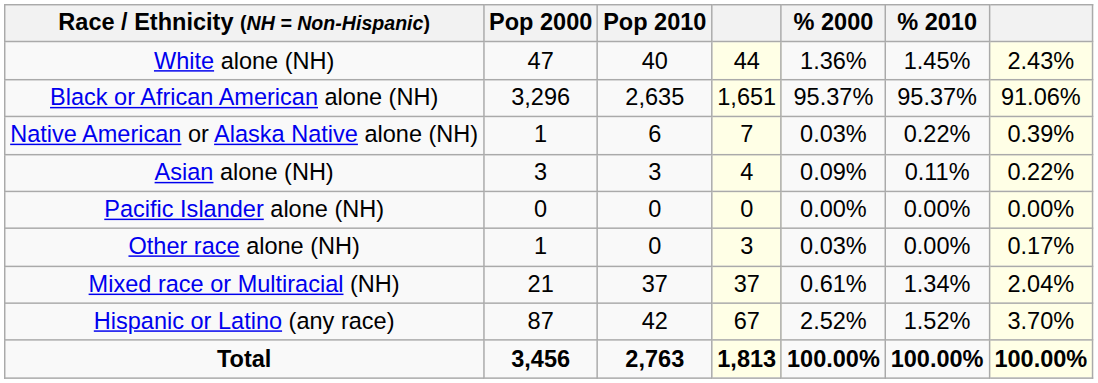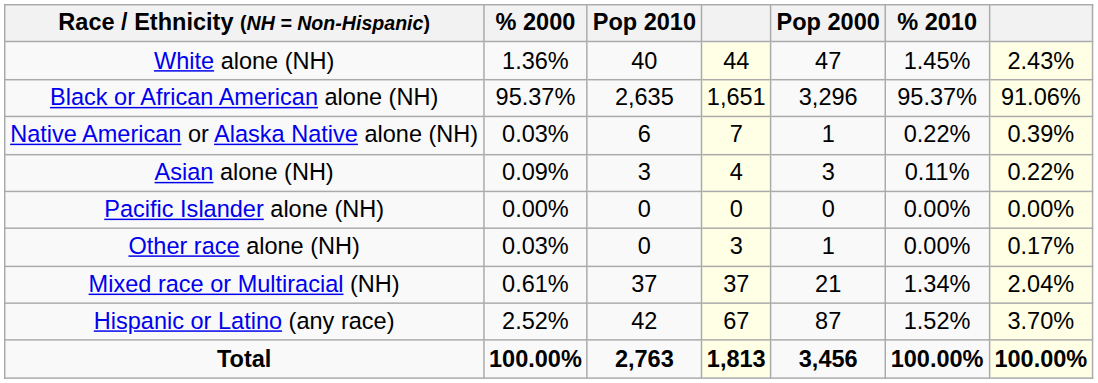 <table class="wikitable" style="text-align:center;">
 <tr>
 <th>Race / Ethnicity <small>(<em>NH = Non-Hispanic</em>)</small></th>
-<th>Pop 2000</th>
+<th>% 2000</th>
 <th>Pop 2010</th>
 <th></th>
-<th>% 2000</th>
+<th>Pop 2000</th>
 <th>% 2010</th>
 <th></th>
 </tr>
 <tr>
 <td><a href='#'>White</a> alone (NH)</td>
-<td>47</td>
+<td>1.36%</td>
 <td>40</td>
 <td style='background: #ffffe6;'>44</td>
-<td>1.36%</td>
+<td>47</td>
 <td>1.45%</td>
 <td style='background: #ffffe6;'>2.43%</td>
 </tr>
 <tr>
 <td><a href='#'>Black or African American</a> alone (NH)</td>
-<td>3,296</td>
+<td>95.37%</td>
 <td>2,635</td>
 <td style='background: #ffffe6;'>1,651</td>
-<td>95.37%</td>
+<td>3,296</td>
 <td>95.37%</td>
 <td style='background: #ffffe6;'>91.06%</td>
 </tr>
 <tr>
 <td><a href='#'>Native American</a> or <a href='#'>Alaska Native</a> alone (NH)</td>
-<td>1</td>
+<td>0.03%</td>
 <td>6</td>
 <td style='background: #ffffe6;'>7</td>
-<td>0.03%</td>
+<td>1</td>
 <td>0.22%</td>
 <td style='background: #ffffe6;'>0.39%</td>
 </tr>
 <tr>
 <td><a href='#'>Asian</a> alone (NH)</td>
-<td>3</td>
+<td>0.09%</td>
 <td>3</td>
 <td style='background: #ffffe6;'>4</td>
-<td>0.09%</td>
+<td>3</td>
 <td>0.11%</td>
 <td style='background: #ffffe6;'>0.22%</td>
 </tr>
 <tr>
 <td><a href='#'>Pacific Islander</a> alone (NH)</td>
-<td>0</td>
+<td>0.00%</td>
 <td>0</td>
 <td style='background: #ffffe6;'>0</td>
-<td>0.00%</td>
+<td>0</td>
 <td>0.00%</td>
 <td style='background: #ffffe6;'>0.00%</td>
 </tr>
 <tr>
 <td><a href='#'>Other race</a> alone (NH)</td>
-<td>1</td>
+<td>0.03%</td>
 <td>0</td>
 <td style='background: #ffffe6;'>3</td>
-<td>0.03%</td>
+<td>1</td>
 <td>0.00%</td>
 <td style='background: #ffffe6;'>0.17%</td>
 </tr>
 <tr>
 <td><a href='#'>Mixed race or Multiracial</a> (NH)</td>
-<td>21</td>
+<td>0.61%</td>
 <td>37</td>
 <td style='background: #ffffe6;'>37</td>
-<td>0.61%</td>
+<td>21</td>
 <td>1.34%</td>
 <td style='background: #ffffe6;'>2.04%</td>
 </tr>
 <tr>
 <td><a href='#'>Hispanic or Latino</a> (any race)</td>
-<td>87</td>
+<td>2.52%</td>
 <td>42</td>
 <td style='background: #ffffe6;'>67</td>
-<td>2.52%</td>
+<td>87</td>
 <td>1.52%</td>
 <td style='background: #ffffe6;'>3.70%</td>
 </tr>
 <tr>
 <td><strong>Total</strong></td>
-<td><strong>3,456</strong></td>
+<td><strong>100.00%</strong></td>
 <td><strong>2,763</strong></td>
 <td style='background: #ffffe6;'><strong>1,813</strong></td>
-<td><strong>100.00%</strong></td>
+<td><strong>3,456</strong></td>
 <td><strong>100.00%</strong></td>
 <td style='background: #ffffe6;'><strong>100.00%</strong></td>
 </tr>
 </table>
